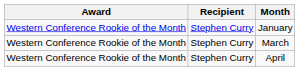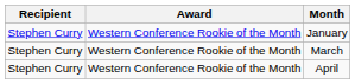 <table class="wikitable sortable sortable" style="text-align: center">
 <tr>
+<th>Recipient</th>
 <th>Award</th>
-<th>Recipient</th>
 <th>Month</th>
 </tr>
 <tr style="text-align: center">
+<td><a href='#'>Stephen Curry</a></td>
 <td><a href='#'>Western Conference Rookie of the Month</a></td>
-<td><a href='#'>Stephen Curry</a></td>
 <td>January</td>
 </tr>
 <tr style="text-align: center">
+<td>Stephen Curry</td>
 <td>Western Conference Rookie of the Month</td>
-<td>Stephen Curry</td>
 <td>March</td>
 </tr>
 <tr style="text-align: center">
+<td>Stephen Curry</td>
 <td>Western Conference Rookie of the Month</td>
-<td>Stephen Curry</td>
 <td>April</td>
 </tr>
 </table>
